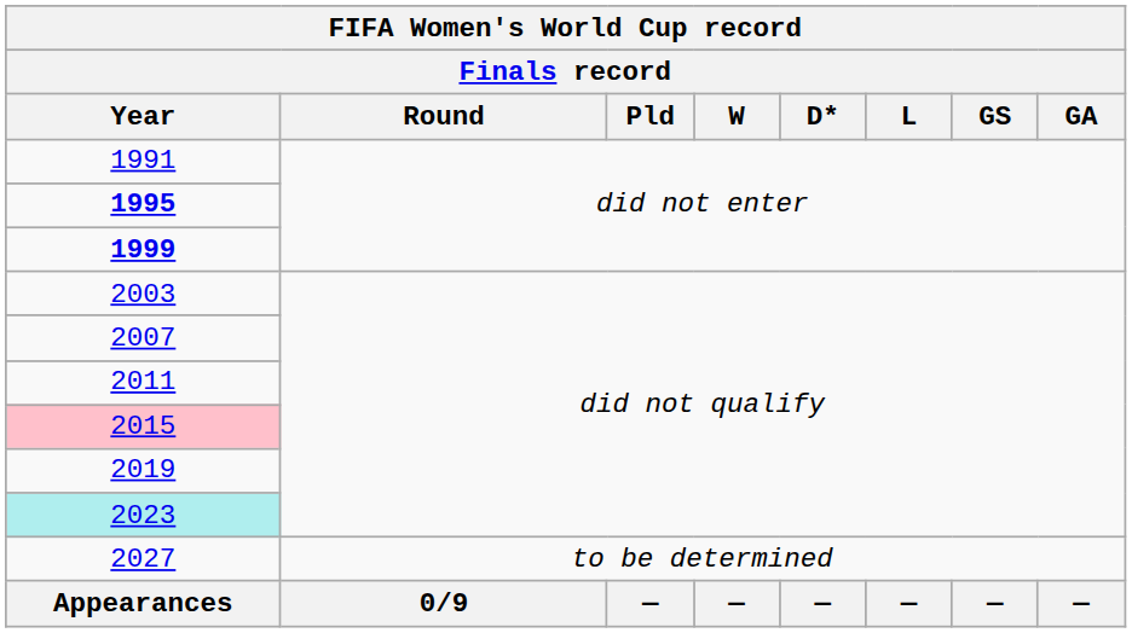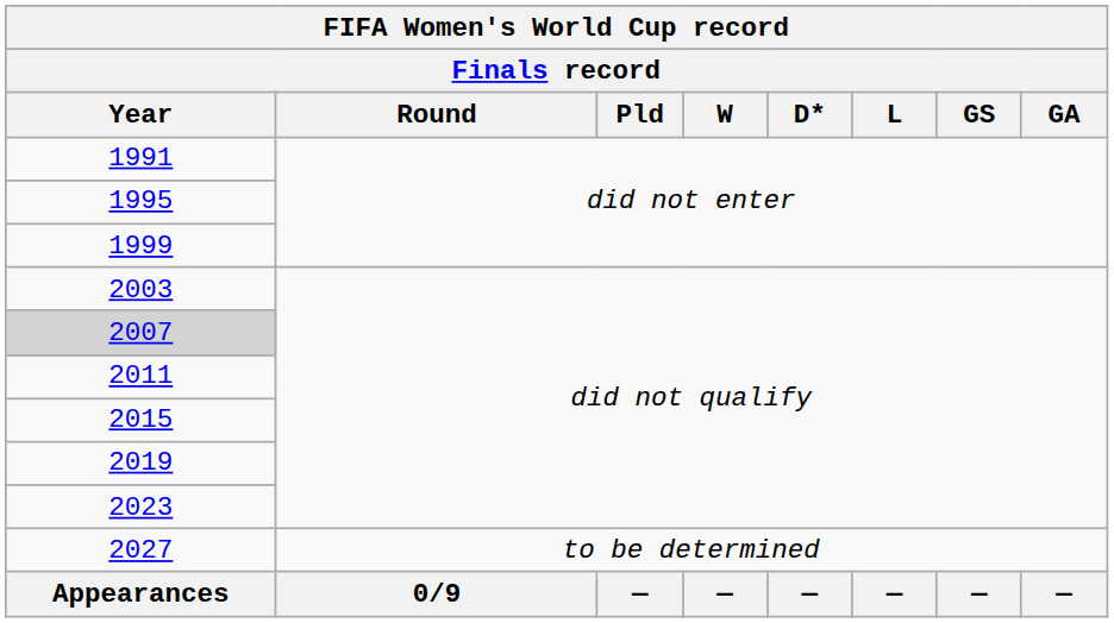 <table class="wikitable" style="text-align: center;">
 <tr>
 <th colspan="9">FIFA Women's World Cup record</th>
 </tr>
 <tr>
 <th colspan="9"><a href='#'>Finals</a> record</th>
 </tr>
 <tr>
 <th width=125>Year</th>
 <th width=150>Round</th>
 <th width=35>Pld</th>
 <th width=35>W</th>
 <th width=35>D*</th>
 <th width=35>L</th>
 <th width=35>GS</th>
 <th width=35>GA</th>
 </tr>
 <tr>
 <td> <a href='#'>1991</a></td>
 <td colspan=8 rowspan=3><em>did not enter</em></td>
 </tr>
 <tr>
-<td><strong> <a href='#'>1995</a></strong></td>
+<td> <a href='#'>1995</a></td>
 </tr>
 <tr>
-<td><strong> <a href='#'>1999</a></strong></td>
+<td> <a href='#'>1999</a></td>
 </tr>
 <tr>
 <td> <a href='#'>2003</a></td>
 <td colspan=8 rowspan=6><em>did not qualify</em></td>
 </tr>
 <tr>
-<td> <a href='#'>2007</a></td>
+<td style="background: lightgrey;"> <a href='#'>2007</a></td>
 </tr>
 <tr>
 <td> <a href='#'>2011</a></td>
 </tr>
 <tr>
-<td style="background: pink;"> <a href='#'>2015</a></td>
+<td> <a href='#'>2015</a></td>
 </tr>
 <tr>
 <td> <a href='#'>2019</a></td>
 </tr>
 <tr>
-<td style="background: paleturquoise;"> <a href='#'>2023</a></td>
+<td> <a href='#'>2023</a></td>
 </tr>
 <tr>
 <td> <a href='#'>2027</a></td>
 <td colspan=8><em>to be determined</em></td>
 </tr>
 <tr>
 <th colspan=1><strong>Appearances</strong></th>
 <th>0/9</th>
 <th>—</th>
 <th>—</th>
 <th>—</th>
 <th>—</th>
 <th>—</th>
 <th>—</th>
 </tr>
 </table>
